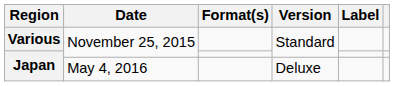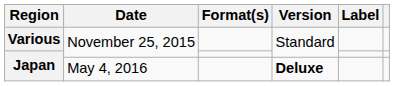 <table class="wikitable plainrowheaders">
 <tr>
 <th scope="col">Region</th>
 <th scope="col">Date</th>
 <th scope="col">Format(s)</th>
 <th scope="col">Version</th>
 <th scope="col">Label</th>
 <th scope="col"></th>
 </tr>
 <tr>
 <th scope="row">Various</th>
 <td rowspan="2">November 25, 2015</td>
 <td></td>
 <td rowspan="2">Standard</td>
 <td></td>
 <td align="center"></td>
 </tr>
 <tr>
 <th rowspan="2" scope="row">Japan</th>
 <td></td>
 <td></td>
 <td align="center"></td>
 </tr>
 <tr>
 <td>May 4, 2016</td>
 <td></td>
-<td>Deluxe</td>
+<td><strong>Deluxe</strong></td>
 <td></td>
 <td align="center"></td>
 </tr>
 </table>
